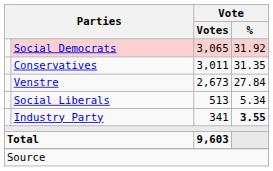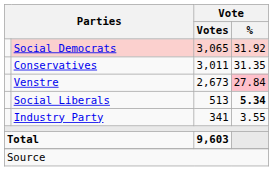 <table class="wikitable" style="text-align:right;">
 <tr>
 <th style="text-align:centre;" rowspan="2" colspan="2" width="225">Parties</th>
 <th colspan="3">Vote</th>
 </tr>
 <tr>
 <th width="15">Votes</th>
 <th width="15">%</th>
 </tr>
 <tr>
 <td width="2" style="color:inherit;background:"></td>
 <td bgcolor=#fbd0ce  align="left"><a href='#'>Social Democrats</a></td>
 <td bgcolor=#fbd0ce>3,065</td>
 <td bgcolor=#fbd0ce>31.92</td>
 </tr>
 <tr>
 <td width="2" style="color:inherit;background:"></td>
 <td align="left"><a href='#'>Conservatives</a></td>
 <td>3,011</td>
 <td>31.35</td>
 </tr>
 <tr>
 <td width="2" style="color:inherit;background:"></td>
 <td align="left"><a href='#'>Venstre</a></td>
 <td>2,673</td>
-<td>27.84</td>
+<td style="background: pink;">27.84</td>
 </tr>
 <tr>
 <td width="2" style="color:inherit;background:"></td>
 <td align="left"><a href='#'>Social Liberals</a></td>
 <td>513</td>
-<td>5.34</td>
+<td><strong>5.34</strong></td>
 </tr>
 <tr>
 <td width="2" style="color:inherit;background:"></td>
 <td align="left"><a href='#'>Industry Party</a></td>
 <td>341</td>
-<td><strong>3.55</strong></td>
+<td>3.55</td>
 </tr>
 <tr>
 <td colspan="7" bgcolor="#E9E9E9"></td>
 </tr>
 <tr>
 <td align="left" colspan="2"><strong>Total</strong></td>
 <td><strong>9,603</strong></td>
 <td bgcolor="#E9E9E9" colspan="2"></td>
 </tr>
 <tr>
 </tr>
 <tr>
 <td align="left" colspan="6">Source</td>
 </tr>
 </table>
